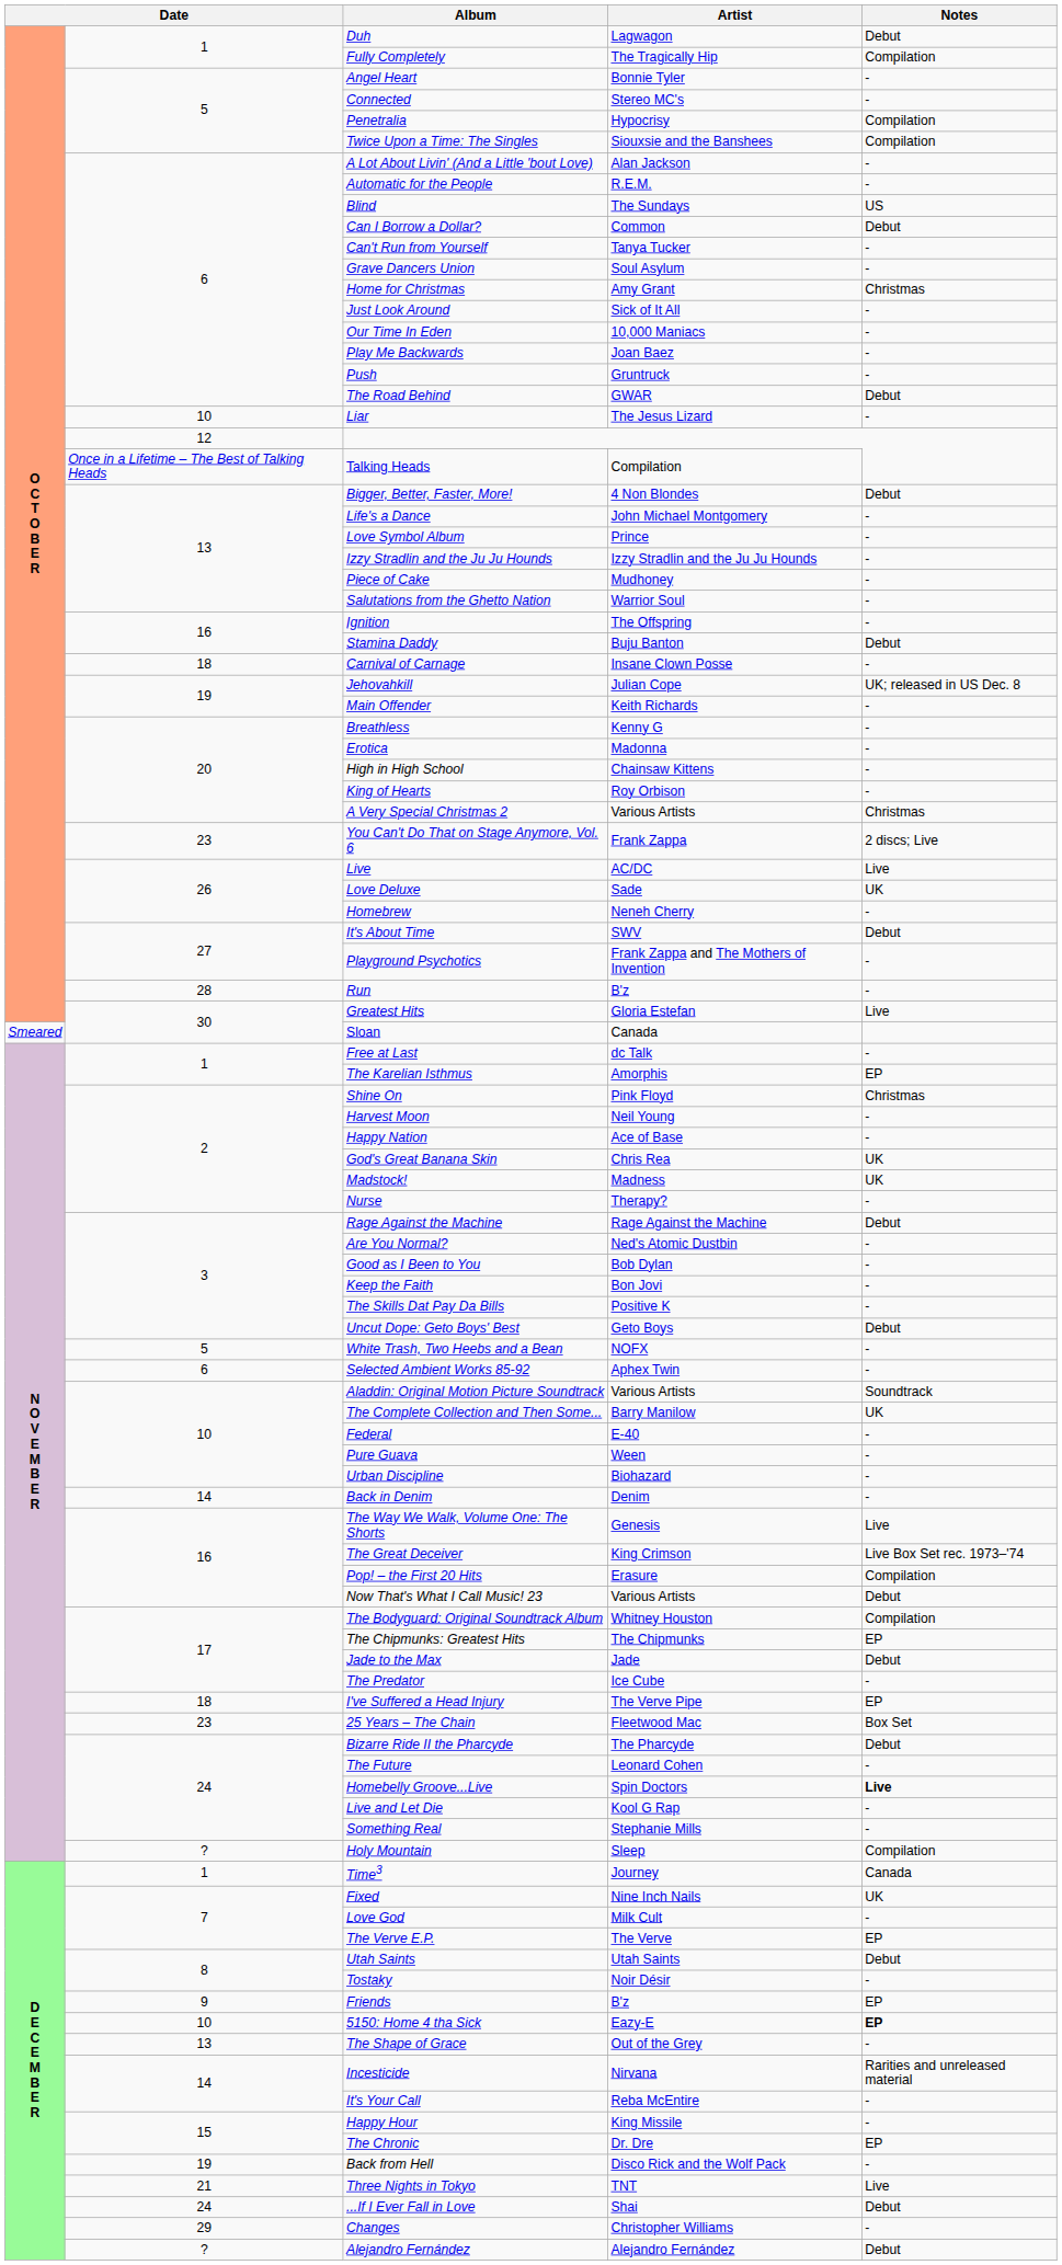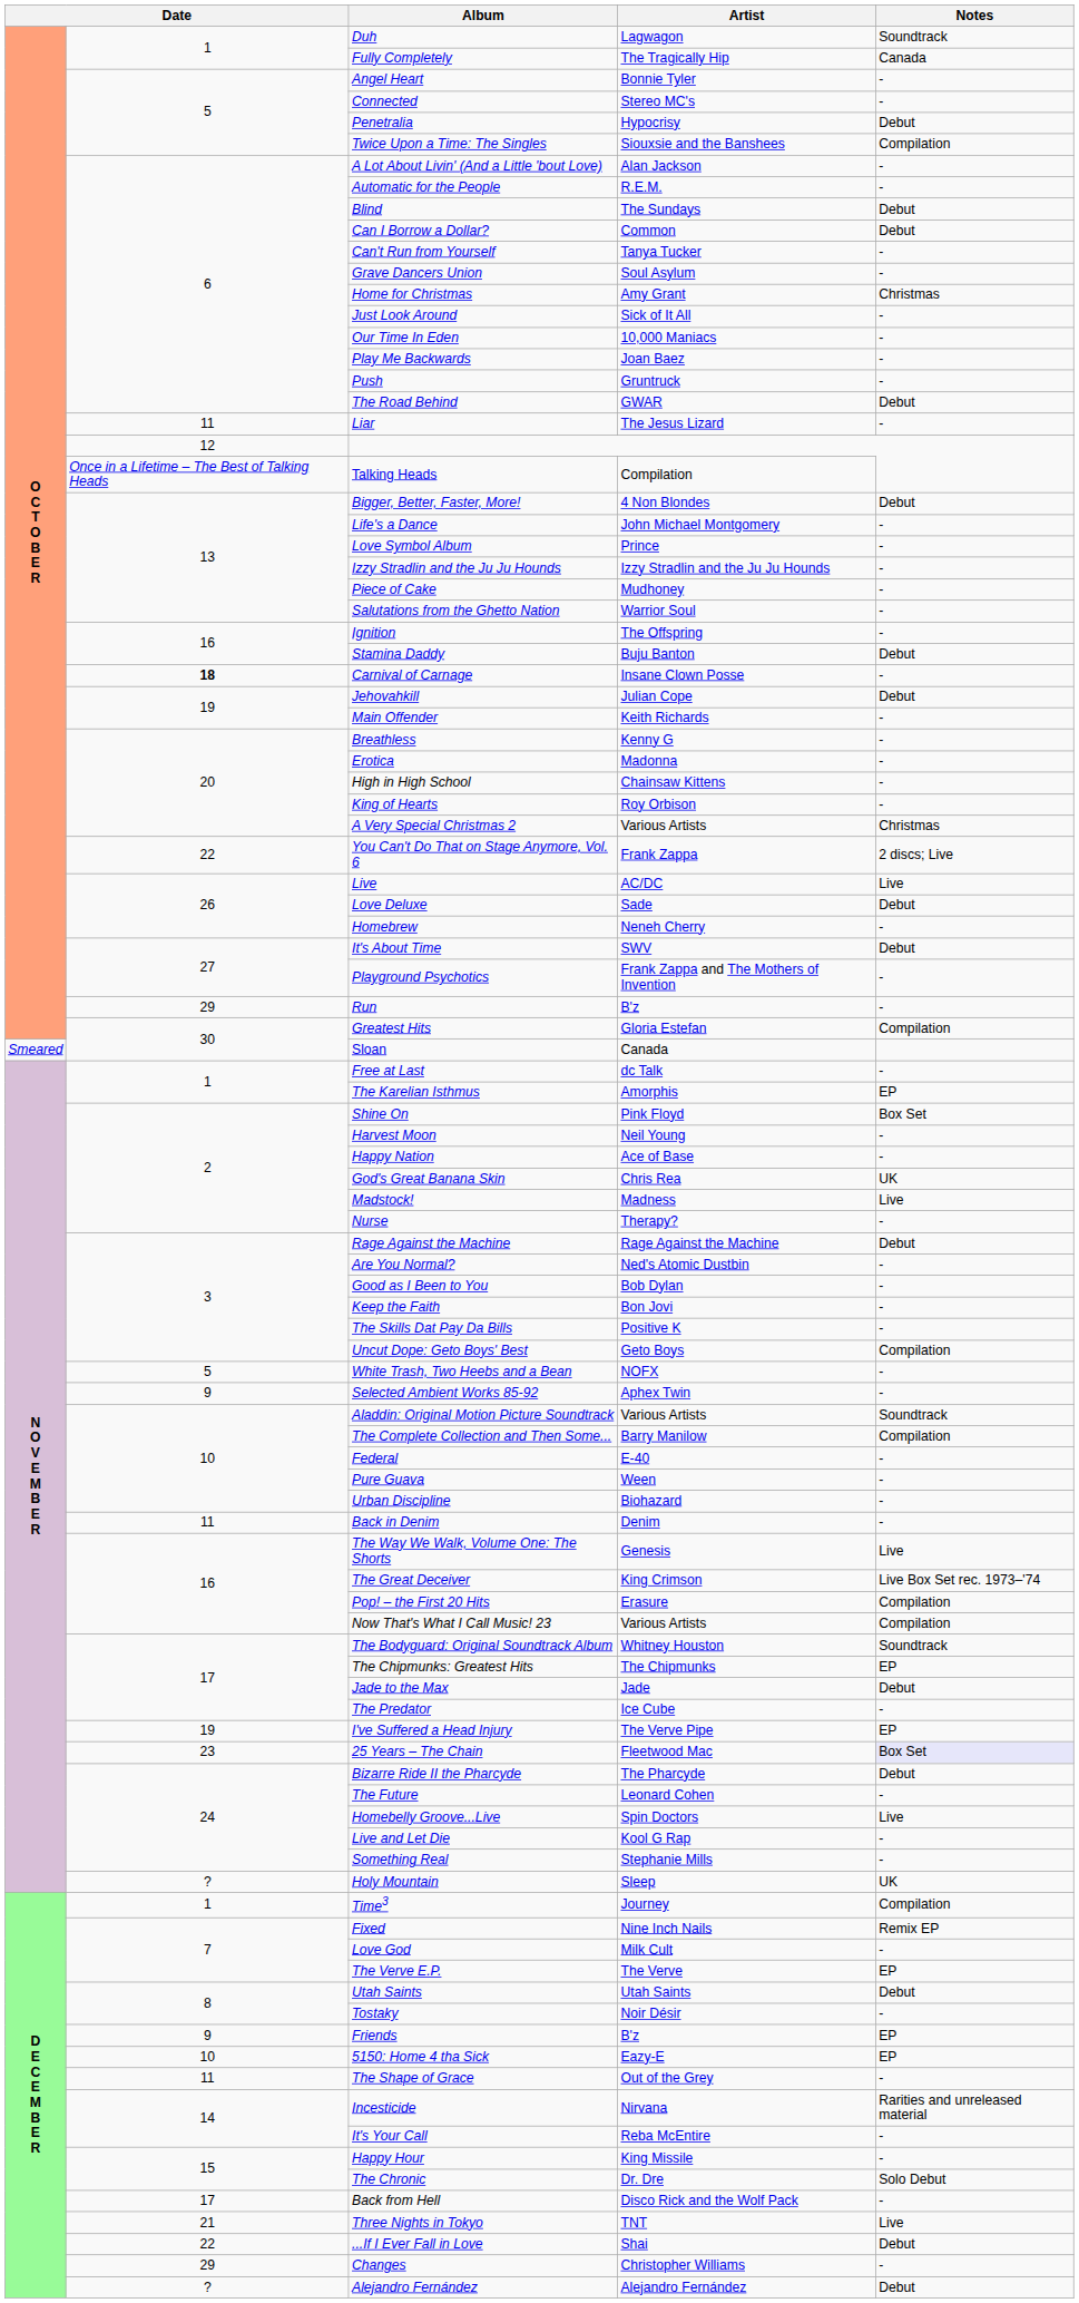 <table class="wikitable" width="100%">
 <tr>
 <th colspan="2">Date</th>
 <th>Album</th>
 <th>Artist</th>
 <th>Notes</th>
 </tr>
 <tr>
 <td rowspan="46" valign="center" align="center" style="background:#FFA07A; textcolor:#000;"><strong>O<br>C<br>T<br>O<br>B<br>E<br>R</strong></td>
 <td rowspan="2" align="center">1</td>
 <td><em><a href='#'>Duh</a></em></td>
 <td><a href='#'>Lagwagon</a></td>
-<td>Debut</td>
+<td>Soundtrack</td>
 </tr>
 <tr>
 <td><em><a href='#'>Fully Completely</a></em></td>
 <td><a href='#'>The Tragically Hip</a></td>
-<td>Compilation</td>
+<td>Canada</td>
 </tr>
 <tr>
 <td rowspan="4" align="center">5</td>
 <td><em><a href='#'>Angel Heart</a></em></td>
 <td><a href='#'>Bonnie Tyler</a></td>
 <td>-</td>
 </tr>
 <tr>
 <td><em><a href='#'>Connected</a></em></td>
 <td><a href='#'>Stereo MC's</a></td>
 <td>-</td>
 </tr>
 <tr>
 <td><em><a href='#'>Penetralia</a></em></td>
 <td><a href='#'>Hypocrisy</a></td>
-<td>Compilation</td>
+<td>Debut</td>
 </tr>
 <tr>
 <td><em><a href='#'>Twice Upon a Time: The Singles</a></em></td>
 <td><a href='#'>Siouxsie and the Banshees</a></td>
 <td>Compilation</td>
 </tr>
 <tr>
 <td rowspan="12" align="center">6</td>
 <td><em><a href='#'>A Lot About Livin' (And a Little 'bout Love)</a></em></td>
 <td><a href='#'>Alan Jackson</a></td>
 <td>-</td>
 </tr>
 <tr>
 <td><em><a href='#'>Automatic for the People</a></em></td>
 <td><a href='#'>R.E.M.</a></td>
 <td>-</td>
 </tr>
 <tr>
 <td><em><a href='#'>Blind</a></em></td>
 <td><a href='#'>The Sundays</a></td>
-<td>US</td>
+<td>Debut</td>
 </tr>
 <tr>
 <td><em><a href='#'>Can I Borrow a Dollar?</a></em></td>
 <td><a href='#'>Common</a></td>
 <td>Debut</td>
 </tr>
 <tr>
 <td><em><a href='#'>Can't Run from Yourself</a></em></td>
 <td><a href='#'>Tanya Tucker</a></td>
 <td>-</td>
 </tr>
 <tr>
 <td><em><a href='#'>Grave Dancers Union</a></em></td>
 <td><a href='#'>Soul Asylum</a></td>
 <td>-</td>
 </tr>
 <tr>
 <td><em><a href='#'>Home for Christmas</a></em></td>
 <td><a href='#'>Amy Grant</a></td>
 <td>Christmas</td>
 </tr>
 <tr>
 <td><em><a href='#'>Just Look Around</a></em></td>
 <td><a href='#'>Sick of It All</a></td>
 <td>-</td>
 </tr>
 <tr>
 <td><em><a href='#'>Our Time In Eden</a></em></td>
 <td><a href='#'>10,000 Maniacs</a></td>
 <td>-</td>
 </tr>
 <tr>
 <td><em><a href='#'>Play Me Backwards</a></em></td>
 <td><a href='#'>Joan Baez</a></td>
 <td>-</td>
 </tr>
 <tr>
 <td><em><a href='#'>Push</a></em></td>
 <td><a href='#'>Gruntruck</a></td>
 <td>-</td>
 </tr>
 <tr>
 <td><em><a href='#'>The Road Behind</a></em></td>
 <td><a href='#'>GWAR</a></td>
 <td>Debut</td>
 </tr>
 <tr>
-<td align="center">10</td>
+<td align="center">11</td>
 <td><em><a href='#'>Liar</a></em></td>
 <td><a href='#'>The Jesus Lizard</a></td>
 <td>-</td>
 </tr>
 <tr>
 <td rowspan="2" align="center">12</td>
 </tr>
 <tr>
 </tr>
 <tr>
 <td><em><a href='#'>Once in a Lifetime – The Best of Talking Heads</a></em></td>
 <td><a href='#'>Talking Heads</a></td>
 <td>Compilation</td>
 </tr>
 <tr>
 <td rowspan="6" align="center">13</td>
 <td><em><a href='#'>Bigger, Better, Faster, More!</a></em></td>
 <td><a href='#'>4 Non Blondes</a></td>
 <td>Debut</td>
 </tr>
 <tr>
 <td><em><a href='#'>Life's a Dance</a></em></td>
 <td><a href='#'>John Michael Montgomery</a></td>
 <td>-</td>
 </tr>
 <tr>
 <td><em><a href='#'>Love Symbol Album</a></em></td>
 <td><a href='#'>Prince</a></td>
 <td>-</td>
 </tr>
 <tr>
 <td><em><a href='#'>Izzy Stradlin and the Ju Ju Hounds</a></em></td>
 <td><a href='#'>Izzy Stradlin and the Ju Ju Hounds</a></td>
 <td>-</td>
 </tr>
 <tr>
 <td><em><a href='#'>Piece of Cake</a></em></td>
 <td><a href='#'>Mudhoney</a></td>
 <td>-</td>
 </tr>
 <tr>
 <td><em><a href='#'>Salutations from the Ghetto Nation</a></em></td>
 <td><a href='#'>Warrior Soul</a></td>
 <td>-</td>
 </tr>
 <tr>
 <td rowspan="2" align="center">16</td>
 <td><em><a href='#'>Ignition</a></em></td>
 <td><a href='#'>The Offspring</a></td>
 <td>-</td>
 </tr>
 <tr>
 <td><em><a href='#'>Stamina Daddy</a></em></td>
 <td><a href='#'>Buju Banton</a></td>
 <td>Debut</td>
 </tr>
 <tr>
-<td align="center">18</td>
+<td align="center"><strong>18</strong></td>
 <td><em><a href='#'>Carnival of Carnage</a></em></td>
 <td><a href='#'>Insane Clown Posse</a></td>
 <td>-</td>
 </tr>
 <tr>
 <td rowspan="2" align="center">19</td>
 <td><em><a href='#'>Jehovahkill</a></em></td>
 <td><a href='#'>Julian Cope</a></td>
-<td>UK; released in US Dec. 8</td>
+<td>Debut</td>
 </tr>
 <tr>
 <td><em><a href='#'>Main Offender</a></em></td>
 <td><a href='#'>Keith Richards</a></td>
 <td>-</td>
 </tr>
 <tr>
 <td rowspan="5" align="center">20</td>
 <td><em><a href='#'>Breathless</a></em></td>
 <td><a href='#'>Kenny G</a></td>
 <td>-</td>
 </tr>
 <tr>
 <td><em><a href='#'>Erotica</a></em></td>
 <td><a href='#'>Madonna</a></td>
 <td>-</td>
 </tr>
 <tr>
 <td><em>High in High School</em></td>
 <td><a href='#'>Chainsaw Kittens</a></td>
 <td>-</td>
 </tr>
 <tr>
 <td><em><a href='#'>King of Hearts</a></em></td>
 <td><a href='#'>Roy Orbison</a></td>
 <td>-</td>
 </tr>
 <tr>
 <td><em><a href='#'>A Very Special Christmas 2</a></em></td>
 <td>Various Artists</td>
 <td>Christmas</td>
 </tr>
 <tr>
-<td align="center">23</td>
+<td align="center">22</td>
 <td><em><a href='#'>You Can't Do That on Stage Anymore, Vol. 6</a></em></td>
 <td><a href='#'>Frank Zappa</a></td>
 <td>2 discs; Live</td>
 </tr>
 <tr>
 <td rowspan="3" align="center">26</td>
 <td><em><a href='#'>Live</a></em></td>
 <td><a href='#'>AC/DC</a></td>
 <td>Live</td>
 </tr>
 <tr>
 <td><em><a href='#'>Love Deluxe</a></em></td>
 <td><a href='#'>Sade</a></td>
-<td>UK</td>
+<td>Debut</td>
 </tr>
 <tr>
 <td><em><a href='#'>Homebrew</a></em></td>
 <td><a href='#'>Neneh Cherry</a></td>
 <td>-</td>
 </tr>
 <tr>
 <td rowspan="2" align="center">27</td>
 <td><em><a href='#'>It's About Time</a></em></td>
 <td><a href='#'>SWV</a></td>
 <td>Debut</td>
 </tr>
 <tr>
 <td><em><a href='#'>Playground Psychotics</a></em></td>
 <td><a href='#'>Frank Zappa</a> and <a href='#'>The Mothers of Invention</a></td>
 <td>-</td>
 </tr>
 <tr>
-<td style="text-align:center;">28</td>
+<td style="text-align:center;">29</td>
 <td><em><a href='#'>Run</a></em></td>
 <td><a href='#'>B'z</a></td>
 <td>-</td>
 </tr>
 <tr>
 <td rowspan="2" align="center">30</td>
 <td><em><a href='#'>Greatest Hits</a></em></td>
 <td><a href='#'>Gloria Estefan</a></td>
-<td>Live</td>
+<td>Compilation</td>
 </tr>
 <tr>
 <td><em><a href='#'>Smeared</a></em></td>
 <td><a href='#'>Sloan</a></td>
 <td>Canada</td>
 </tr>
 <tr>
 <td rowspan="38" valign="center" align="center" style="background:#D8BFD8; textcolor:#000;"><strong>N<br>O<br>V<br>E<br>M<br>B<br>E<br>R</strong></td>
 <td rowspan="2" align="center">1</td>
 <td><em><a href='#'>Free at Last</a></em></td>
 <td><a href='#'>dc Talk</a></td>
 <td>-</td>
 </tr>
 <tr>
 <td><em><a href='#'>The Karelian Isthmus</a></em></td>
 <td><a href='#'>Amorphis</a></td>
 <td>EP</td>
 </tr>
 <tr>
 <td rowspan="6" align="center">2</td>
 <td><em><a href='#'>Shine On</a></em></td>
 <td><a href='#'>Pink Floyd</a></td>
-<td>Christmas</td>
+<td>Box Set</td>
 </tr>
 <tr>
 <td><em><a href='#'>Harvest Moon</a></em></td>
 <td><a href='#'>Neil Young</a></td>
 <td>-</td>
 </tr>
 <tr>
 <td><em><a href='#'>Happy Nation</a></em></td>
 <td><a href='#'>Ace of Base</a></td>
 <td>-</td>
 </tr>
 <tr>
 <td><em><a href='#'>God's Great Banana Skin</a></em></td>
 <td><a href='#'>Chris Rea</a></td>
 <td>UK</td>
 </tr>
 <tr>
 <td><em><a href='#'>Madstock!</a></em></td>
 <td><a href='#'>Madness</a></td>
-<td>UK</td>
+<td>Live</td>
 </tr>
 <tr>
 <td><em><a href='#'>Nurse</a></em></td>
 <td><a href='#'>Therapy?</a></td>
 <td>-</td>
 </tr>
 <tr>
 <td rowspan="6" align="center">3</td>
 <td><em><a href='#'>Rage Against the Machine</a></em></td>
 <td><a href='#'>Rage Against the Machine</a></td>
 <td>Debut</td>
 </tr>
 <tr>
 <td><em><a href='#'>Are You Normal?</a></em></td>
 <td><a href='#'>Ned's Atomic Dustbin</a></td>
 <td>-</td>
 </tr>
 <tr>
 <td><em><a href='#'>Good as I Been to You</a></em></td>
 <td><a href='#'>Bob Dylan</a></td>
 <td>-</td>
 </tr>
 <tr>
 <td><em><a href='#'>Keep the Faith</a></em></td>
 <td><a href='#'>Bon Jovi</a></td>
 <td>-</td>
 </tr>
 <tr>
 <td><em><a href='#'>The Skills Dat Pay Da Bills</a></em></td>
 <td><a href='#'>Positive K</a></td>
 <td>-</td>
 </tr>
 <tr>
 <td><em><a href='#'>Uncut Dope: Geto Boys' Best</a></em></td>
 <td><a href='#'>Geto Boys</a></td>
-<td>Debut</td>
+<td>Compilation</td>
 </tr>
 <tr>
 <td align="center">5</td>
 <td><em><a href='#'>White Trash, Two Heebs and a Bean</a></em></td>
 <td><a href='#'>NOFX</a></td>
 <td>-</td>
 </tr>
 <tr>
-<td rowspan="1" align="center">6</td>
+<td rowspan="1" align="center">9</td>
 <td><em><a href='#'>Selected Ambient Works 85-92</a></em></td>
 <td><a href='#'>Aphex Twin</a></td>
 <td>-</td>
 </tr>
 <tr>
 <td rowspan="5" align="center">10</td>
 <td><em><a href='#'>Aladdin: Original Motion Picture Soundtrack</a></em></td>
 <td>Various Artists</td>
 <td>Soundtrack</td>
 </tr>
 <tr>
 <td><em><a href='#'>The Complete Collection and Then Some...</a></em></td>
 <td><a href='#'>Barry Manilow</a></td>
-<td>UK</td>
+<td>Compilation</td>
 </tr>
 <tr>
 <td><em><a href='#'>Federal</a></em></td>
 <td><a href='#'>E-40</a></td>
 <td>-</td>
 </tr>
 <tr>
 <td><em><a href='#'>Pure Guava</a></em></td>
 <td><a href='#'>Ween</a></td>
 <td>-</td>
 </tr>
 <tr>
 <td><em><a href='#'>Urban Discipline</a></em></td>
 <td><a href='#'>Biohazard</a></td>
 <td>-</td>
 </tr>
 <tr>
-<td align="center">14</td>
+<td align="center">11</td>
 <td><em><a href='#'>Back in Denim</a></em></td>
 <td><a href='#'>Denim</a></td>
 <td>-</td>
 </tr>
 <tr>
 <td rowspan="4" align="center">16</td>
 <td><em><a href='#'>The Way We Walk, Volume One: The Shorts</a></em></td>
 <td><a href='#'>Genesis</a></td>
 <td>Live</td>
 </tr>
 <tr>
 <td><em><a href='#'>The Great Deceiver</a></em></td>
 <td><a href='#'>King Crimson</a></td>
 <td>Live Box Set rec. 1973–'74</td>
 </tr>
 <tr>
 <td><em><a href='#'>Pop! – the First 20 Hits</a></em></td>
 <td><a href='#'>Erasure</a></td>
 <td>Compilation</td>
 </tr>
 <tr>
 <td><em>Now That's What I Call Music! 23</em></td>
 <td>Various Artists</td>
-<td>Debut</td>
+<td>Compilation</td>
 </tr>
 <tr>
 <td rowspan="4" align="center">17</td>
 <td><em><a href='#'>The Bodyguard: Original Soundtrack Album</a></em></td>
 <td><a href='#'>Whitney Houston</a></td>
-<td>Compilation</td>
+<td>Soundtrack</td>
 </tr>
 <tr>
 <td><em>The Chipmunks: Greatest Hits</em></td>
 <td><a href='#'>The Chipmunks</a></td>
 <td>EP</td>
 </tr>
 <tr>
 <td><em><a href='#'>Jade to the Max</a></em></td>
 <td><a href='#'>Jade</a></td>
 <td>Debut</td>
 </tr>
 <tr>
 <td><em><a href='#'>The Predator</a></em></td>
 <td><a href='#'>Ice Cube</a></td>
 <td>-</td>
 </tr>
 <tr>
-<td align="center">18</td>
+<td align="center">19</td>
 <td><em><a href='#'>I've Suffered a Head Injury</a></em></td>
 <td><a href='#'>The Verve Pipe</a></td>
 <td>EP</td>
 </tr>
 <tr>
 <td rowspan="1" align="center">23</td>
 <td><em><a href='#'>25 Years – The Chain</a></em></td>
 <td><a href='#'>Fleetwood Mac</a></td>
-<td>Box Set</td>
+<td style="background: lavender;">Box Set</td>
 </tr>
 <tr>
 <td rowspan="5" align="center">24</td>
 <td><em><a href='#'>Bizarre Ride II the Pharcyde</a></em></td>
 <td><a href='#'>The Pharcyde</a></td>
 <td>Debut</td>
 </tr>
 <tr>
 <td><em><a href='#'>The Future</a></em></td>
 <td><a href='#'>Leonard Cohen</a></td>
 <td>-</td>
 </tr>
 <tr>
 <td><em><a href='#'>Homebelly Groove...Live</a></em></td>
 <td><a href='#'>Spin Doctors</a></td>
-<td><strong>Live</strong></td>
+<td>Live</td>
 </tr>
 <tr>
 <td><em><a href='#'>Live and Let Die</a></em></td>
 <td><a href='#'>Kool G Rap</a></td>
 <td>-</td>
 </tr>
 <tr>
 <td><em><a href='#'>Something Real</a></em></td>
 <td><a href='#'>Stephanie Mills</a></td>
 <td>-</td>
 </tr>
 <tr>
 <td align="center">?</td>
 <td><em><a href='#'>Holy Mountain</a></em></td>
 <td><a href='#'>Sleep</a></td>
-<td>Compilation</td>
+<td>UK</td>
 </tr>
 <tr>
 <td rowspan="20" valign="center" align="center" style="background:#98FB98; textcolor:#000;"><strong>D<br>E<br>C<br>E<br>M<br>B<br>E<br>R</strong></td>
 <td align="center">1</td>
 <td><em><a href='#'>Time<sup>3</sup></a></em></td>
 <td><a href='#'>Journey</a></td>
-<td>Canada</td>
+<td>Compilation</td>
 </tr>
 <tr>
 <td rowspan="3" align="center">7</td>
 <td><em><a href='#'>Fixed</a></em></td>
 <td><a href='#'>Nine Inch Nails</a></td>
-<td>UK</td>
+<td>Remix EP</td>
 </tr>
 <tr>
 <td><em><a href='#'>Love God</a></em></td>
 <td><a href='#'>Milk Cult</a></td>
 <td>-</td>
 </tr>
 <tr>
 <td><em><a href='#'>The Verve E.P.</a></em></td>
 <td><a href='#'>The Verve</a></td>
 <td>EP</td>
 </tr>
 <tr>
 <td rowspan="2" align="center">8</td>
 <td><em><a href='#'>Utah Saints</a></em></td>
 <td><a href='#'>Utah Saints</a></td>
 <td>Debut</td>
 </tr>
 <tr>
 <td><em><a href='#'>Tostaky</a></em></td>
 <td><a href='#'>Noir Désir</a></td>
 <td>-</td>
 </tr>
 <tr>
 <td style="text-align:center;">9</td>
 <td><em><a href='#'>Friends</a></em></td>
 <td><a href='#'>B'z</a></td>
 <td>EP</td>
 </tr>
 <tr>
 <td align="center">10</td>
 <td><em><a href='#'>5150: Home 4 tha Sick</a></em></td>
 <td><a href='#'>Eazy-E</a></td>
-<td><strong>EP</strong></td>
+<td>EP</td>
 </tr>
 <tr>
-<td align="center">13</td>
+<td align="center">11</td>
 <td><em><a href='#'>The Shape of Grace</a></em></td>
 <td><a href='#'>Out of the Grey</a></td>
 <td>-</td>
 </tr>
 <tr>
 <td rowspan="2" align="center">14</td>
 <td><em><a href='#'>Incesticide</a></em></td>
 <td><a href='#'>Nirvana</a></td>
 <td>Rarities and unreleased material</td>
 </tr>
 <tr>
 <td><em><a href='#'>It's Your Call</a></em></td>
 <td><a href='#'>Reba McEntire</a></td>
 <td>-</td>
 </tr>
 <tr>
 <td rowspan="2" align="center">15</td>
 <td><em><a href='#'>Happy Hour</a></em></td>
 <td><a href='#'>King Missile</a></td>
 <td>-</td>
 </tr>
 <tr>
 <td><em><a href='#'>The Chronic</a></em></td>
 <td><a href='#'>Dr. Dre</a></td>
-<td>EP</td>
+<td>Solo Debut</td>
 </tr>
 <tr>
-<td align="center">19</td>
+<td align="center">17</td>
 <td><em>Back from Hell</em></td>
 <td><a href='#'>Disco Rick and the Wolf Pack</a></td>
 <td>-</td>
 </tr>
 <tr>
 <td style="text-align:center;">21</td>
 <td><em><a href='#'>Three Nights in Tokyo</a></em></td>
 <td><a href='#'>TNT</a></td>
 <td>Live</td>
 </tr>
 <tr>
-<td align="center">24</td>
+<td align="center">22</td>
 <td><em><a href='#'>...If I Ever Fall in Love</a></em></td>
 <td><a href='#'>Shai</a></td>
 <td>Debut</td>
 </tr>
 <tr>
 <td align="center">29</td>
 <td><em><a href='#'>Changes</a></em></td>
 <td><a href='#'>Christopher Williams</a></td>
 <td>-</td>
 </tr>
 <tr>
 <td align="center">?</td>
 <td><em><a href='#'>Alejandro Fernández</a></em></td>
 <td><a href='#'>Alejandro Fernández</a></td>
 <td>Debut</td>
 </tr>
 </table>
